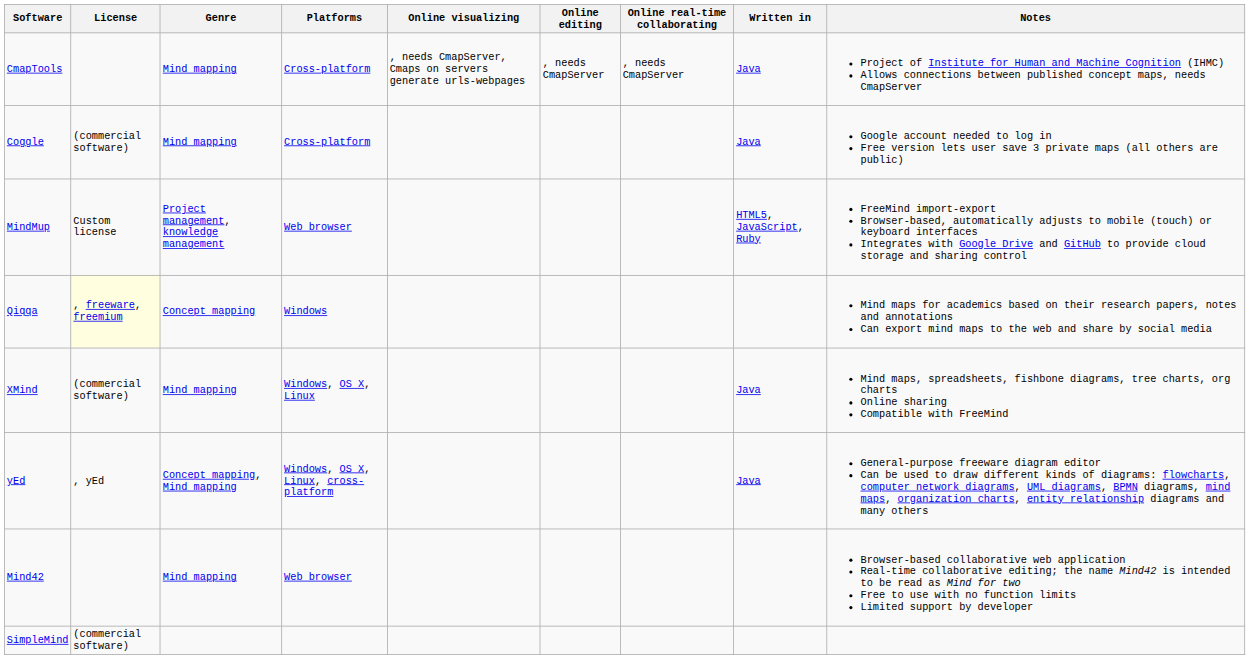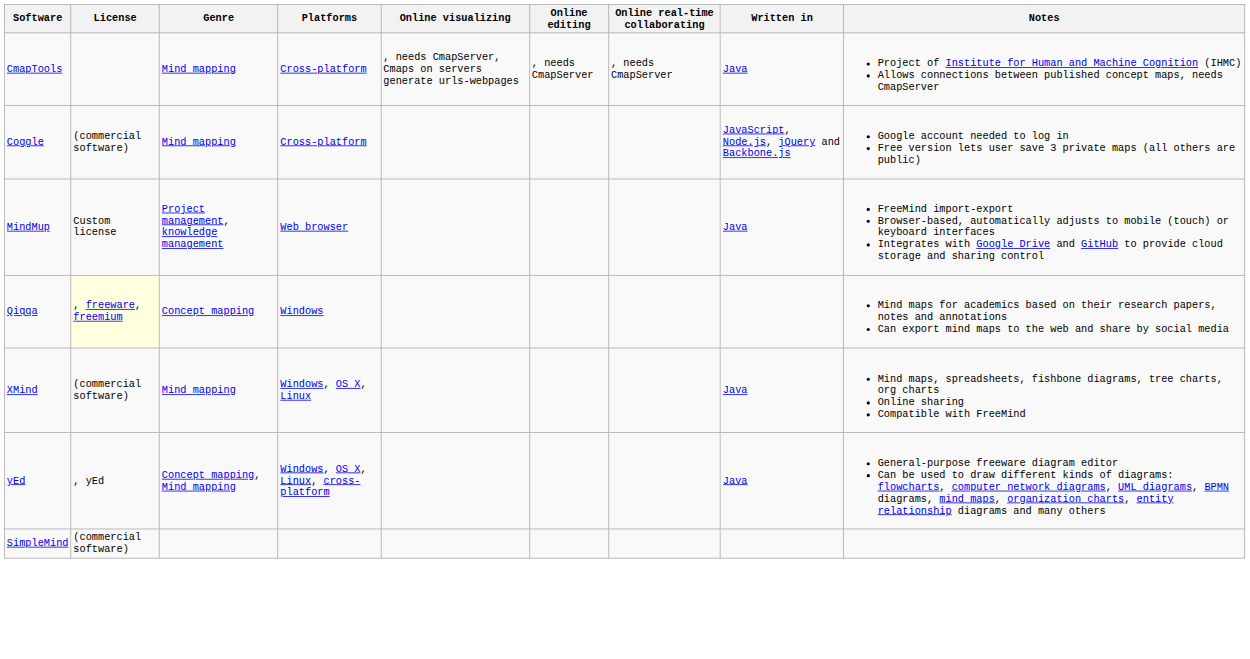 <table class="wikitable sortable sort-under mw-collapsible ">
 <tr>
 <th>Software</th>
 <th>License</th>
 <th>Genre</th>
 <th>Platforms</th>
 <th>Online visualizing</th>
 <th>Online editing</th>
 <th>Online real-time collaborating</th>
 <th>Written in</th>
 <th>Notes</th>
 </tr>
 <tr>
 <td><a href='#'>CmapTools</a></td>
 <td></td>
 <td><a href='#'>Mind mapping</a></td>
 <td><a href='#'>Cross-platform</a></td>
 <td>, needs CmapServer, Cmaps on servers generate urls-webpages</td>
 <td>, needs CmapServer</td>
 <td>, needs CmapServer</td>
 <td><a href='#'>Java</a></td>
 <td><br><ul><li>Project of <a href='#'>Institute for Human and Machine Cognition</a> (IHMC)</li><li>Allows connections between published concept maps, needs CmapServer</li></ul></td>
 </tr>
 <tr>
 <td><a href='#'>Coggle</a></td>
 <td> (commercial software)</td>
 <td><a href='#'>Mind mapping</a></td>
 <td><a href='#'>Cross-platform</a></td>
 <td></td>
 <td></td>
 <td></td>
-<td><a href='#'>Java</a></td>
+<td><a href='#'>JavaScript</a>, <a href='#'>Node.js</a>, <a href='#'>jQuery</a> and <a href='#'>Backbone.js</a></td>
 <td><br><ul><li>Google account needed to log in</li><li>Free version lets user save 3 private maps (all others are public)</li></ul></td>
 </tr>
 <tr>
 <td><a href='#'>MindMup</a></td>
 <td>Custom license</td>
 <td><a href='#'>Project management</a>, <a href='#'>knowledge management</a></td>
 <td><a href='#'>Web browser</a></td>
 <td></td>
 <td></td>
 <td></td>
-<td><a href='#'>HTML5</a>, <a href='#'>JavaScript</a>, <a href='#'>Ruby</a></td>
+<td><a href='#'>Java</a></td>
 <td><br><ul><li>FreeMind import-export</li><li>Browser-based, automatically adjusts to mobile (touch) or keyboard interfaces</li><li>Integrates with <a href='#'>Google Drive</a> and <a href='#'>GitHub</a> to provide cloud storage and sharing control</li></ul></td>
 </tr>
 <tr>
 <td><a href='#'>Qiqqa</a></td>
 <td style="background: lightyellow;">, <a href='#'>freeware</a>, <a href='#'>freemium</a></td>
 <td><a href='#'>Concept mapping</a></td>
 <td><a href='#'>Windows</a></td>
 <td></td>
 <td></td>
 <td></td>
 <td></td>
 <td><br><ul><li>Mind maps for academics based on their research papers, notes and annotations</li><li>Can export mind maps to the web and share by social media</li></ul></td>
 </tr>
 <tr>
 <td><a href='#'>XMind</a></td>
 <td> (commercial software)</td>
 <td><a href='#'>Mind mapping</a></td>
 <td><a href='#'>Windows</a>, <a href='#'>OS X</a>, <a href='#'>Linux</a></td>
 <td></td>
 <td></td>
 <td></td>
 <td><a href='#'>Java</a></td>
 <td><br><ul><li>Mind maps, spreadsheets, fishbone diagrams, tree charts, org charts</li><li>Online sharing</li><li>Compatible with FreeMind</li></ul></td>
 </tr>
 <tr>
 <td><a href='#'>yEd</a></td>
 <td>, yEd</td>
 <td><a href='#'>Concept mapping</a>, <a href='#'>Mind mapping</a></td>
 <td><a href='#'>Windows</a>, <a href='#'>OS X</a>, <a href='#'>Linux</a>, <a href='#'>cross-platform</a></td>
 <td></td>
 <td></td>
 <td></td>
 <td><a href='#'>Java</a></td>
 <td><br><ul><li>General-purpose freeware diagram editor</li><li>Can be used to draw different kinds of diagrams: <a href='#'>flowcharts</a>, <a href='#'>computer network diagrams</a>, <a href='#'>UML diagrams</a>, <a href='#'>BPMN</a> diagrams, <a href='#'>mind maps</a>, <a href='#'>organization charts</a>, <a href='#'>entity relationship</a> diagrams and many others</li></ul></td>
 </tr>
 <tr>
-<td><a href='#'>Mind42</a></td>
-<td></td>
-<td><a href='#'>Mind mapping</a></td>
-<td><a href='#'>Web browser</a></td>
-<td></td>
-<td></td>
-<td></td>
-<td></td>
-<td><br><ul><li>Browser-based collaborative web application</li><li>Real-time collaborative editing; the name <em>Mind42</em> is intended to be read as <em>Mind for two</em></li><li>Free to use with no function limits</li><li>Limited support by developer</li></ul></td>
-</tr>
-<tr>
 <td><a href='#'>SimpleMind</a></td>
 <td> (commercial software)</td>
 <td></td>
 <td></td>
 <td></td>
 <td></td>
 <td></td>
 <td></td>
 <td></td>
 </tr>
 </table>
